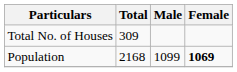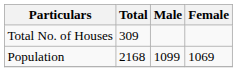 <table class="wikitable sortable">
 <tr>
 <th>Particulars</th>
 <th>Total</th>
 <th>Male</th>
 <th>Female</th>
 </tr>
 <tr>
 <td>Total No. of Houses</td>
 <td>309</td>
 <td></td>
 <td></td>
 </tr>
 <tr>
 <td>Population</td>
 <td>2168</td>
 <td>1099</td>
-<td><strong>1069</strong></td>
+<td>1069</td>
 </tr>
 <tr>
 </tr>
 </table>
